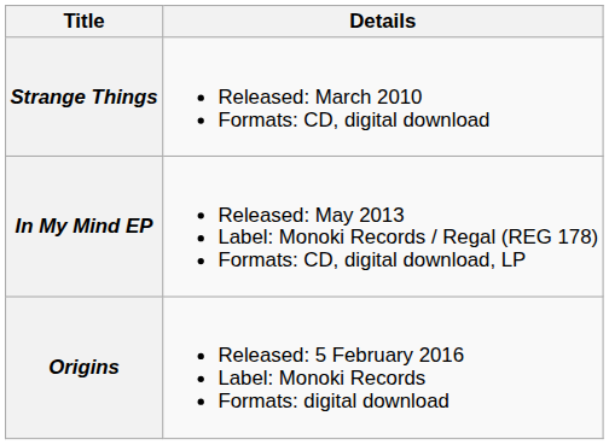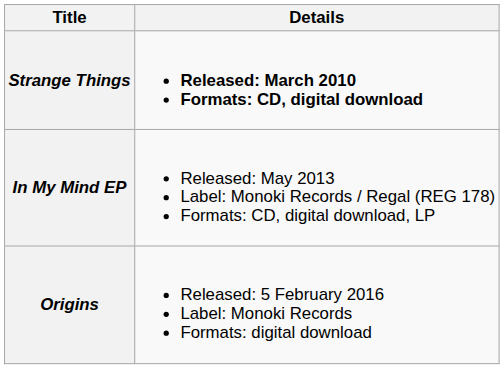 <table class="wikitable plainrowheaders" style"text-align:center;">
 <tr>
 <th>Title</th>
 <th>Details</th>
 </tr>
 <tr>
 <th scope="row"><em>Strange Things</em></th>
-<td><br><ul><li>Released: March 2010</li><li>Formats: CD, digital download</li></ul></td>
+<td><strong><br><ul><li>Released: March 2010</li><li>Formats: CD, digital download</li></ul></strong></td>
 </tr>
 <tr>
 <th scope="row"><em>In My Mind EP</em></th>
 <td><br><ul><li>Released: May 2013</li><li>Label: Monoki Records / Regal (REG 178)</li><li>Formats: CD, digital download, LP</li></ul></td>
 </tr>
 <tr>
 <th scope="row"><em>Origins</em></th>
 <td><br><ul><li>Released: 5 February 2016</li><li>Label: Monoki Records</li><li>Formats: digital download</li></ul></td>
 </tr>
 </table>
